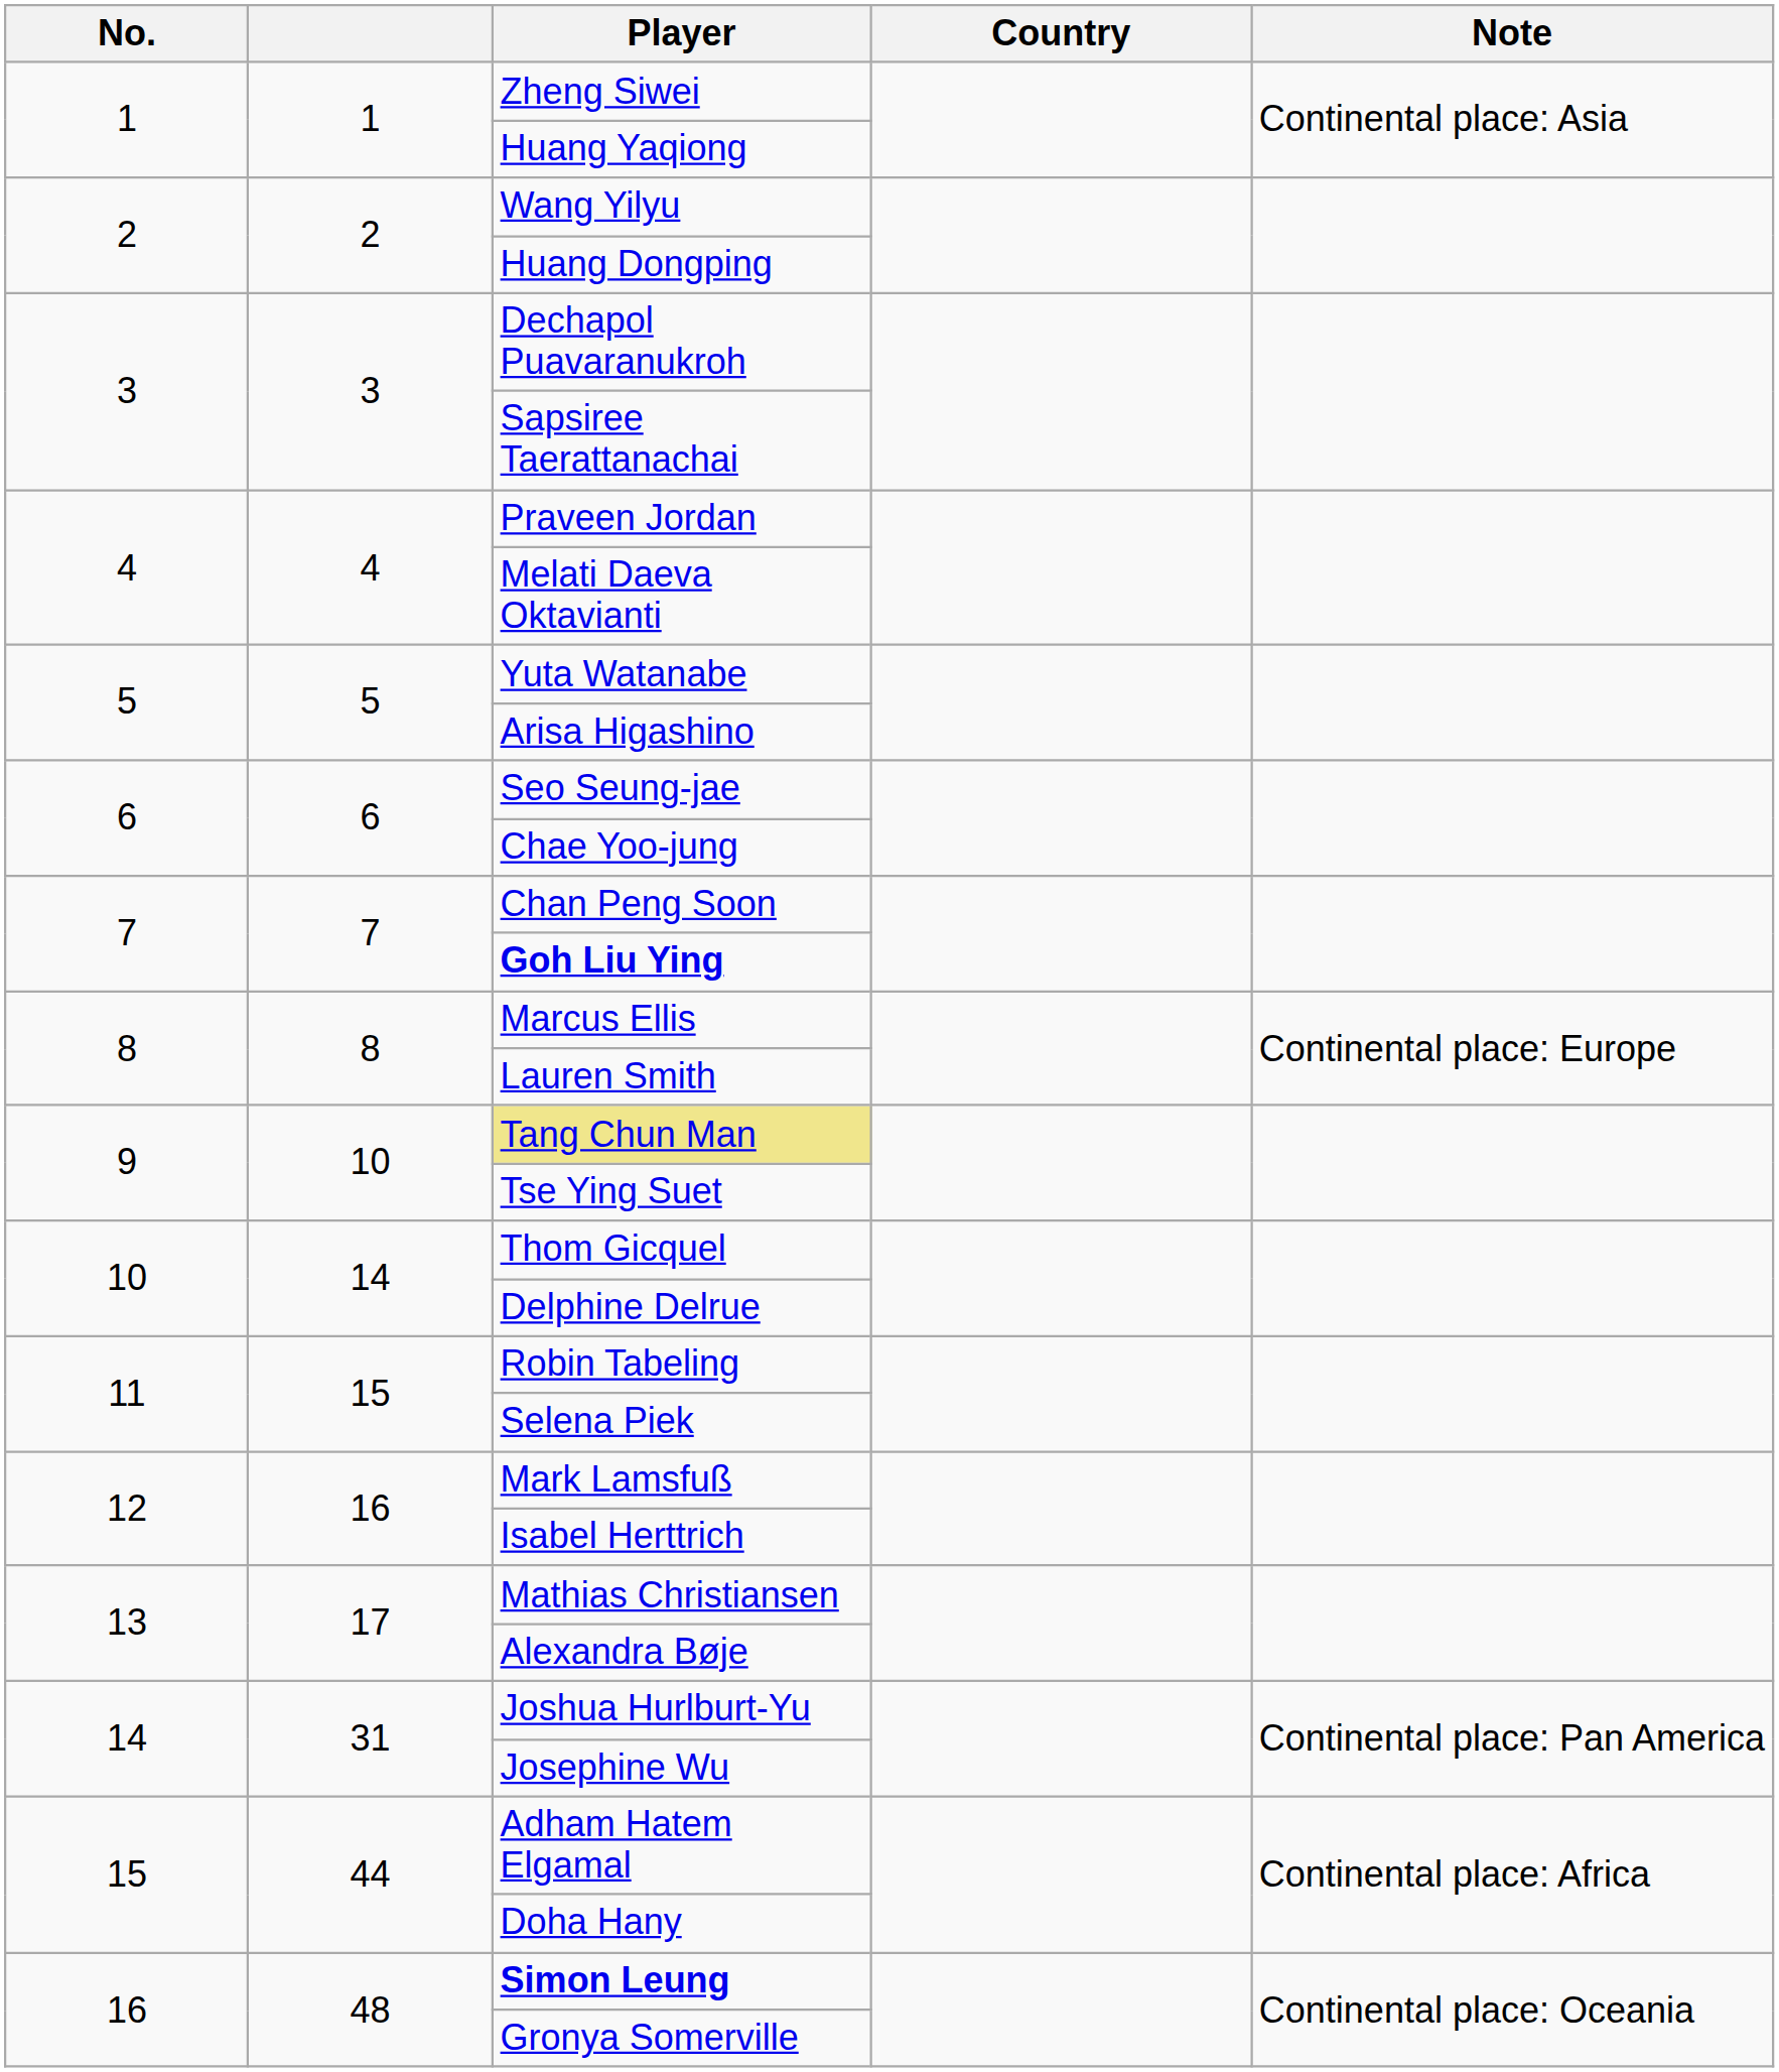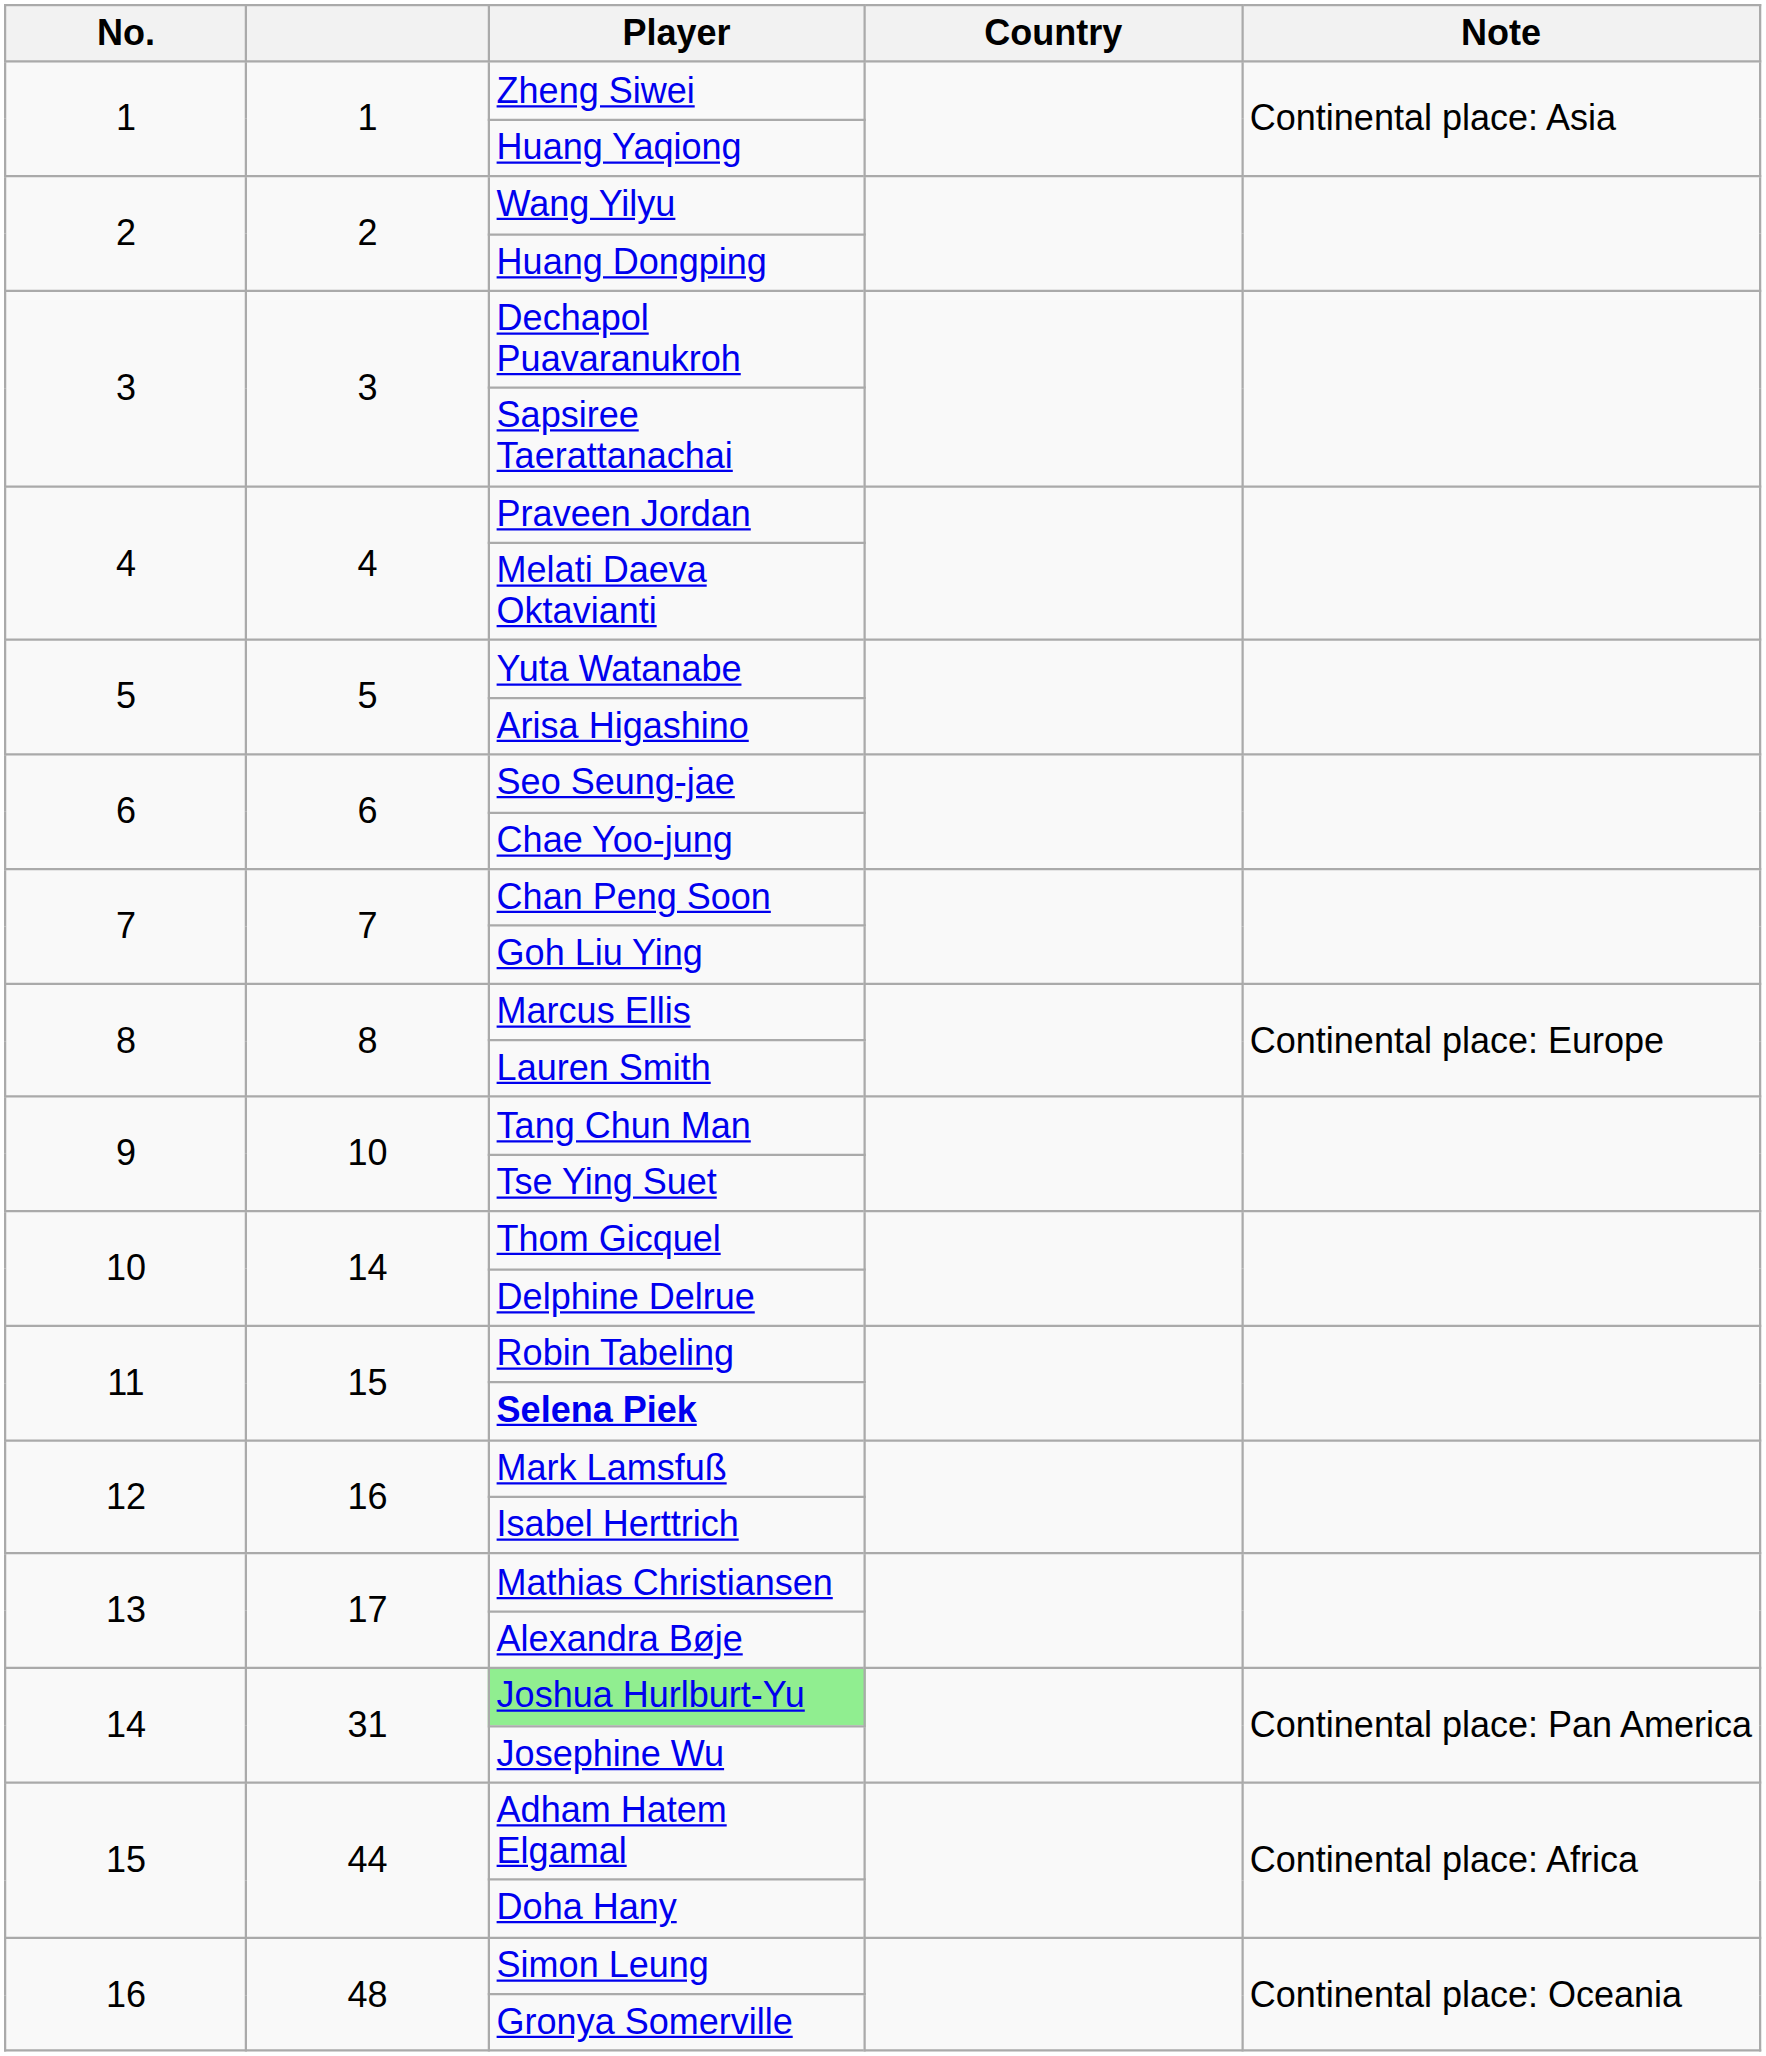 <table class="wikitable sortable" style="text-align:center">
 <tr>
 <th width="100">No.</th>
 <th width="100"></th>
 <th width="160">Player</th>
 <th width="160">Country</th>
 <th>Note</th>
 </tr>
 <tr>
 <td rowspan="2">1</td>
 <td rowspan="2">1</td>
 <td align="left"><a href='#'>Zheng Siwei</a></td>
 <td rowspan="2" align="left"></td>
 <td rowspan="2" align="left">Continental place: Asia</td>
 </tr>
 <tr>
 <td align="left"><a href='#'>Huang Yaqiong</a></td>
 </tr>
 <tr>
 <td rowspan="2">2</td>
 <td rowspan="2">2</td>
 <td align="left"><a href='#'>Wang Yilyu</a></td>
 <td rowspan="2" align="left"></td>
 <td rowspan="2"></td>
 </tr>
 <tr>
 <td align="left"><a href='#'>Huang Dongping</a></td>
 </tr>
 <tr>
 <td rowspan="2">3</td>
 <td rowspan="2">3</td>
 <td align="left"><a href='#'>Dechapol Puavaranukroh</a></td>
 <td rowspan="2" align="left"></td>
 <td rowspan="2"></td>
 </tr>
 <tr>
 <td align="left"><a href='#'>Sapsiree Taerattanachai</a></td>
 </tr>
 <tr>
 <td rowspan="2">4</td>
 <td rowspan="2">4</td>
 <td align="left"><a href='#'>Praveen Jordan</a></td>
 <td rowspan="2" align="left"></td>
 <td rowspan="2"></td>
 </tr>
 <tr>
 <td align="left"><a href='#'>Melati Daeva Oktavianti</a></td>
 </tr>
 <tr>
 <td rowspan="2">5</td>
 <td rowspan="2">5</td>
 <td align="left"><a href='#'>Yuta Watanabe</a></td>
 <td rowspan="2" align="left"></td>
 <td rowspan="2"></td>
 </tr>
 <tr>
 <td align="left"><a href='#'>Arisa Higashino</a></td>
 </tr>
 <tr>
 <td rowspan="2">6</td>
 <td rowspan="2">6</td>
 <td align="left"><a href='#'>Seo Seung-jae</a></td>
 <td rowspan="2" align="left"></td>
 <td rowspan="2"></td>
 </tr>
 <tr>
 <td align="left"><a href='#'>Chae Yoo-jung</a></td>
 </tr>
 <tr>
 <td rowspan="2">7</td>
 <td rowspan="2">7</td>
 <td align="left"><a href='#'>Chan Peng Soon</a></td>
 <td rowspan="2" align="left"></td>
 <td rowspan="2"></td>
 </tr>
 <tr>
-<td align="left"><strong><a href='#'>Goh Liu Ying</a></strong></td>
+<td align="left"><a href='#'>Goh Liu Ying</a></td>
 </tr>
 <tr>
 <td rowspan="2">8</td>
 <td rowspan="2">8</td>
 <td align="left"><a href='#'>Marcus Ellis</a></td>
 <td rowspan="2" align="left"></td>
 <td rowspan="2" align="left">Continental place: Europe</td>
 </tr>
 <tr>
 <td align="left"><a href='#'>Lauren Smith</a></td>
 </tr>
 <tr>
 <td rowspan="2">9</td>
 <td rowspan="2">10</td>
-<td align="left" style="background: khaki;"><a href='#'>Tang Chun Man</a></td>
+<td align="left"><a href='#'>Tang Chun Man</a></td>
 <td rowspan="2" align="left"></td>
 <td rowspan="2"></td>
 </tr>
 <tr>
 <td align="left"><a href='#'>Tse Ying Suet</a></td>
 </tr>
 <tr>
 <td rowspan="2">10</td>
 <td rowspan="2">14</td>
 <td align="left"><a href='#'>Thom Gicquel</a></td>
 <td rowspan="2" align="left"></td>
 <td rowspan="2"></td>
 </tr>
 <tr>
 <td align="left"><a href='#'>Delphine Delrue</a></td>
 </tr>
 <tr>
 <td rowspan="2">11</td>
 <td rowspan="2">15</td>
 <td align="left"><a href='#'>Robin Tabeling</a></td>
 <td rowspan="2" align="left"></td>
 <td rowspan="2"></td>
 </tr>
 <tr>
-<td align="left"><a href='#'>Selena Piek</a></td>
+<td align="left"><strong><a href='#'>Selena Piek</a></strong></td>
 </tr>
 <tr>
 <td rowspan="2">12</td>
 <td rowspan="2">16</td>
 <td align="left"><a href='#'>Mark Lamsfuß</a></td>
 <td rowspan="2" align="left"></td>
 <td rowspan="2"></td>
 </tr>
 <tr>
 <td align="left"><a href='#'>Isabel Herttrich</a></td>
 </tr>
 <tr>
 <td rowspan="2">13</td>
 <td rowspan="2">17</td>
 <td align="left"><a href='#'>Mathias Christiansen</a></td>
 <td rowspan="2" align="left"></td>
 <td rowspan="2"></td>
 </tr>
 <tr>
 <td align="left"><a href='#'>Alexandra Bøje</a></td>
 </tr>
 <tr>
 <td rowspan="2">14</td>
 <td rowspan="2">31</td>
-<td align="left"><a href='#'>Joshua Hurlburt-Yu</a></td>
+<td align="left" style="background: lightgreen;"><a href='#'>Joshua Hurlburt-Yu</a></td>
 <td rowspan="2" align="left"></td>
 <td rowspan="2" align="left">Continental place: Pan America</td>
 </tr>
 <tr>
 <td align="left"><a href='#'>Josephine Wu</a></td>
 </tr>
 <tr>
 <td rowspan="2">15</td>
 <td rowspan="2">44</td>
 <td align="left"><a href='#'>Adham Hatem Elgamal</a></td>
 <td rowspan="2" align="left"></td>
 <td rowspan="2" align="left">Continental place: Africa</td>
 </tr>
 <tr>
 <td align="left"><a href='#'>Doha Hany</a></td>
 </tr>
 <tr>
 <td rowspan="2">16</td>
 <td rowspan="2">48</td>
-<td align="left"><strong><a href='#'>Simon Leung</a></strong></td>
+<td align="left"><a href='#'>Simon Leung</a></td>
 <td rowspan="2" align="left"></td>
 <td rowspan="2" align="left">Continental place: Oceania</td>
 </tr>
 <tr>
 <td align="left"><a href='#'>Gronya Somerville</a></td>
 </tr>
 </table>
